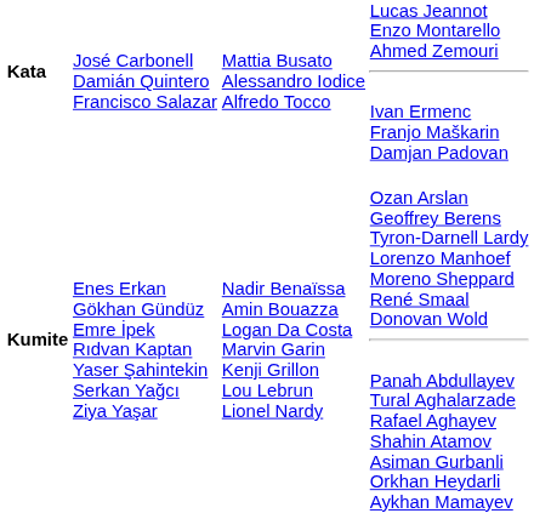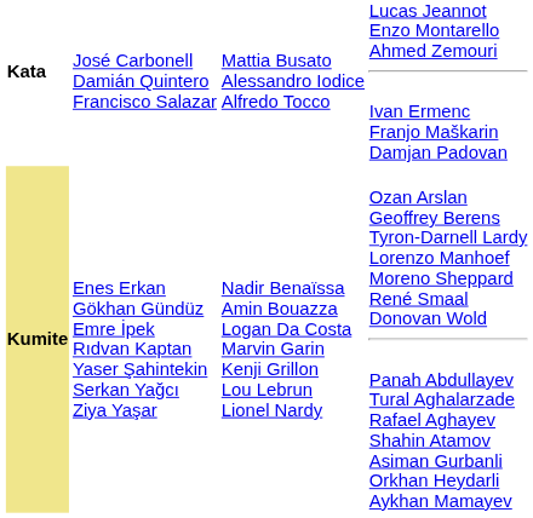 <table>
 <tr>
 <td><strong>Kata</strong></td>
 <td><br><a href='#'>José Carbonell</a><br><a href='#'>Damián Quintero</a><br><a href='#'>Francisco Salazar</a></td>
 <td><br><a href='#'>Mattia Busato</a><br><a href='#'>Alessandro Iodice</a><br><a href='#'>Alfredo Tocco</a></td>
 <td><br><a href='#'>Lucas Jeannot</a><br><a href='#'>Enzo Montarello</a><br><a href='#'>Ahmed Zemouri</a><hr><br><a href='#'>Ivan Ermenc</a><br><a href='#'>Franjo Maškarin</a><br><a href='#'>Damjan Padovan</a></td>
 </tr>
 <tr>
-<td><strong>Kumite</strong></td>
+<td style="background: khaki;"><strong>Kumite</strong></td>
 <td><br><a href='#'>Enes Erkan</a><br><a href='#'>Gökhan Gündüz</a><br><a href='#'>Emre İpek</a><br><a href='#'>Rıdvan Kaptan</a><br><a href='#'>Yaser Şahintekin</a><br><a href='#'>Serkan Yağcı</a><br><a href='#'>Ziya Yaşar</a></td>
 <td><br><a href='#'>Nadir Benaïssa</a><br><a href='#'>Amin Bouazza</a><br><a href='#'>Logan Da Costa</a><br><a href='#'>Marvin Garin</a><br><a href='#'>Kenji Grillon</a><br><a href='#'>Lou Lebrun</a><br><a href='#'>Lionel Nardy</a></td>
 <td><br><a href='#'>Ozan Arslan</a><br><a href='#'>Geoffrey Berens</a><br><a href='#'>Tyron-Darnell Lardy</a><br><a href='#'>Lorenzo Manhoef</a><br><a href='#'>Moreno Sheppard</a><br><a href='#'>René Smaal</a><br><a href='#'>Donovan Wold</a><hr><br><a href='#'>Panah Abdullayev</a><br><a href='#'>Tural Aghalarzade</a><br><a href='#'>Rafael Aghayev</a><br><a href='#'>Shahin Atamov</a><br><a href='#'>Asiman Gurbanli</a><br><a href='#'>Orkhan Heydarli</a><br><a href='#'>Aykhan Mamayev</a></td>
 </tr>
 </table>
